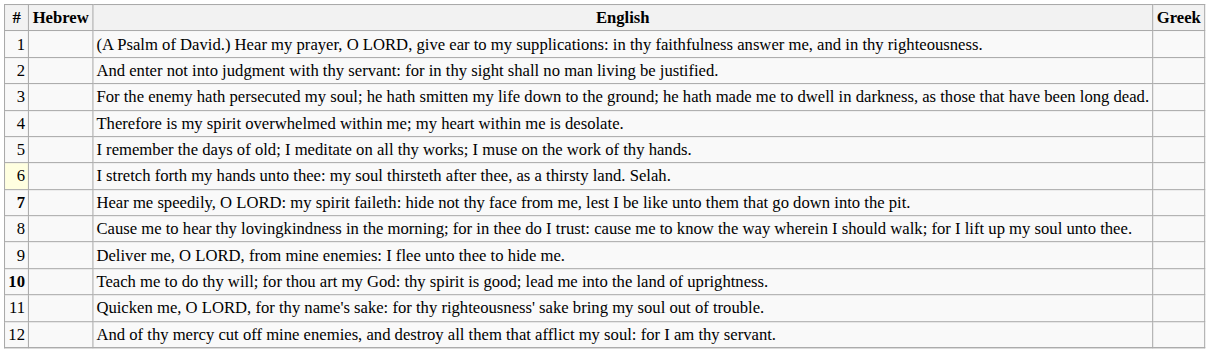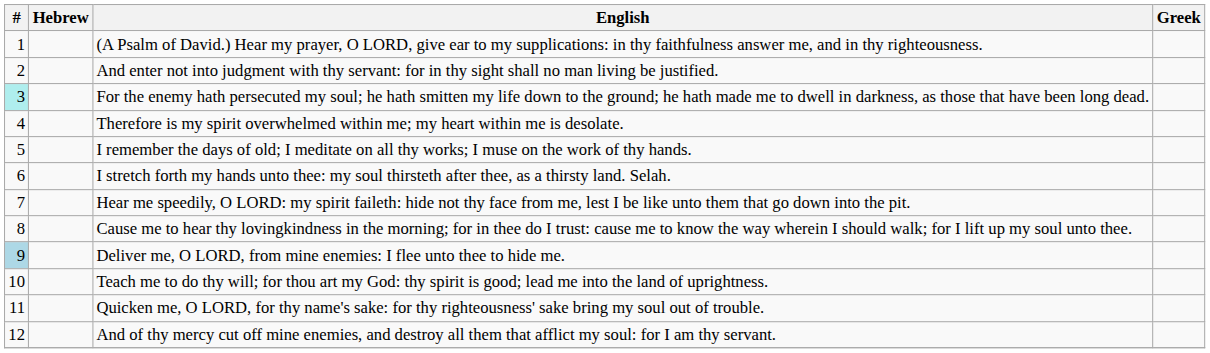 <table class=wikitable>
 <tr>
 <th>#</th>
 <th>Hebrew</th>
 <th>English</th>
 <th>Greek</th>
 </tr>
 <tr>
 <td style="text-align:right">1</td>
 <td style="text-align:right"></td>
 <td>(A Psalm of David.) Hear my prayer, O LORD, give ear to my supplications: in thy faithfulness answer me, and in thy righteousness.</td>
 <td></td>
 </tr>
 <tr>
 <td style="text-align:right">2</td>
 <td style="text-align:right"></td>
 <td>And enter not into judgment with thy servant: for in thy sight shall no man living be justified.</td>
 <td></td>
 </tr>
 <tr>
-<td style="text-align:right">3</td>
+<td style="background: paleturquoise; text-align:right">3</td>
 <td style="text-align:right"></td>
 <td>For the enemy hath persecuted my soul; he hath smitten my life down to the ground; he hath made me to dwell in darkness, as those that have been long dead.</td>
 <td></td>
 </tr>
 <tr>
 <td style="text-align:right">4</td>
 <td style="text-align:right"></td>
 <td>Therefore is my spirit overwhelmed within me; my heart within me is desolate.</td>
 <td></td>
 </tr>
 <tr>
 <td style="text-align:right">5</td>
 <td style="text-align:right"></td>
 <td>I remember the days of old; I meditate on all thy works; I muse on the work of thy hands.</td>
 <td></td>
 </tr>
 <tr>
-<td style="background: lightyellow; text-align:right">6</td>
+<td style="text-align:right">6</td>
 <td style="text-align:right"></td>
 <td>I stretch forth my hands unto thee: my soul thirsteth after thee, as a thirsty land. Selah.</td>
 <td></td>
 </tr>
 <tr>
-<td style="text-align:right"><strong>7</strong></td>
+<td style="text-align:right">7</td>
 <td style="text-align:right"></td>
 <td>Hear me speedily, O LORD: my spirit faileth: hide not thy face from me, lest I be like unto them that go down into the pit.</td>
 <td></td>
 </tr>
 <tr>
 <td style="text-align:right">8</td>
 <td style="text-align:right"></td>
 <td>Cause me to hear thy lovingkindness in the morning; for in thee do I trust: cause me to know the way wherein I should walk; for I lift up my soul unto thee.</td>
 <td></td>
 </tr>
 <tr>
-<td style="text-align:right">9</td>
+<td style="background: lightblue; text-align:right">9</td>
 <td style="text-align:right"></td>
 <td>Deliver me, O LORD, from mine enemies: I flee unto thee to hide me.</td>
 <td></td>
 </tr>
 <tr>
-<td style="text-align:right"><strong>10</strong></td>
+<td style="text-align:right">10</td>
 <td style="text-align:right"></td>
 <td>Teach me to do thy will; for thou art my God: thy spirit is good; lead me into the land of uprightness.</td>
 <td></td>
 </tr>
 <tr>
 <td style="text-align:right">11</td>
 <td style="text-align:right"></td>
 <td>Quicken me, O LORD, for thy name's sake: for thy righteousness' sake bring my soul out of trouble.</td>
 <td></td>
 </tr>
 <tr>
 <td style="text-align:right">12</td>
 <td style="text-align:right"></td>
 <td>And of thy mercy cut off mine enemies, and destroy all them that afflict my soul: for I am thy servant.</td>
 <td></td>
 </tr>
 <tr>
 </tr>
 </table>
